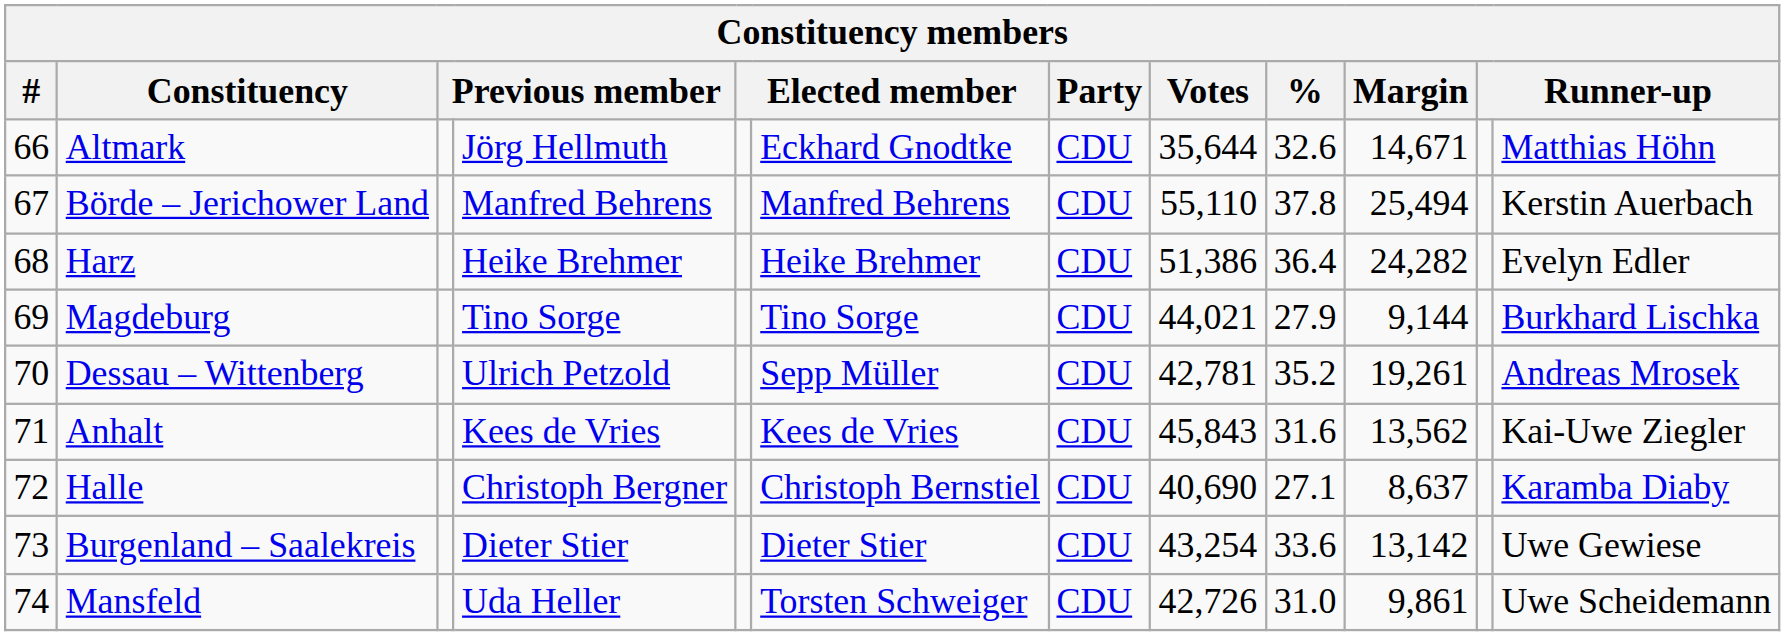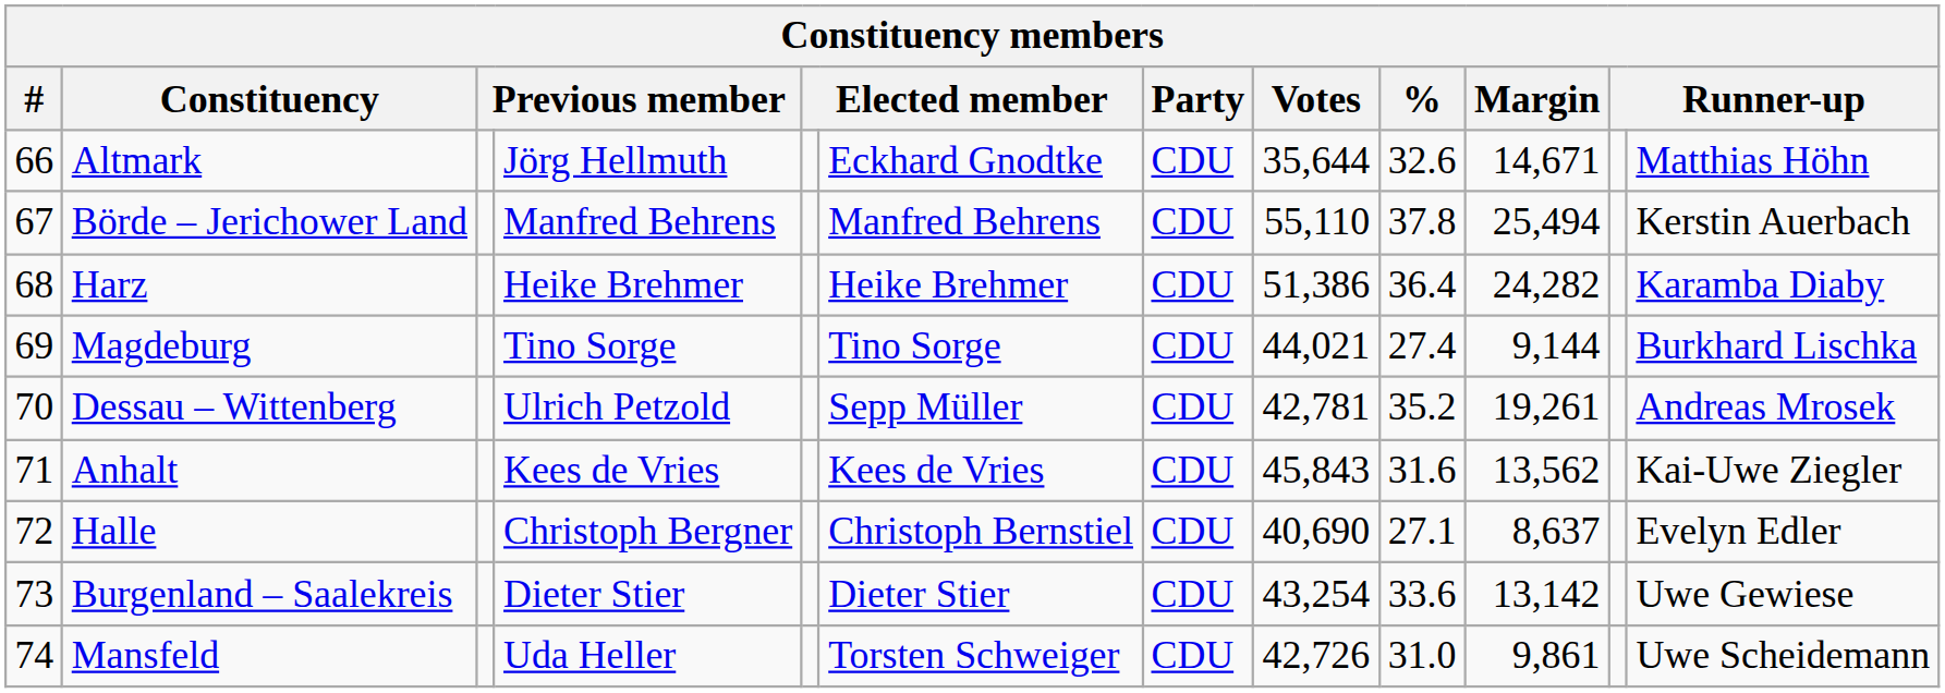 <table class="wikitable sortable" style="text-align:right">
 <tr>
 <th colspan="12">Constituency members</th>
 </tr>
 <tr>
 <th>#</th>
 <th>Constituency</th>
 <th colspan="2">Previous member</th>
 <th colspan="2">Elected member</th>
 <th>Party</th>
 <th>Votes</th>
 <th>%</th>
 <th>Margin</th>
 <th colspan="2">Runner-up</th>
 </tr>
 <tr>
 <td>66</td>
 <td align=left><a href='#'>Altmark</a></td>
 <td bgcolor=></td>
 <td align=left><a href='#'>Jörg Hellmuth</a></td>
 <td></td>
 <td align=left><a href='#'>Eckhard Gnodtke</a></td>
 <td align=left><a href='#'>CDU</a></td>
 <td>35,644</td>
 <td>32.6</td>
 <td>14,671</td>
 <td bgcolor=></td>
 <td align=left><a href='#'>Matthias Höhn</a></td>
 </tr>
 <tr>
 <td>67</td>
 <td align=left><a href='#'>Börde – Jerichower Land</a></td>
 <td bgcolor=></td>
 <td align=left><a href='#'>Manfred Behrens</a></td>
 <td bgcolor=></td>
 <td align=left><a href='#'>Manfred Behrens</a></td>
 <td align=left><a href='#'>CDU</a></td>
 <td>55,110</td>
 <td>37.8</td>
 <td>25,494</td>
 <td bgcolor=></td>
 <td align=left>Kerstin Auerbach</td>
 </tr>
 <tr>
 <td>68</td>
 <td align=left><a href='#'>Harz</a></td>
 <td bgcolor=></td>
 <td align=left><a href='#'>Heike Brehmer</a></td>
 <td bgcolor=></td>
 <td align=left><a href='#'>Heike Brehmer</a></td>
 <td align=left><a href='#'>CDU</a></td>
 <td>51,386</td>
 <td>36.4</td>
 <td>24,282</td>
 <td bgcolor=></td>
-<td align=left>Evelyn Edler</td>
+<td align=left><a href='#'>Karamba Diaby</a></td>
 </tr>
 <tr>
 <td>69</td>
 <td align=left><a href='#'>Magdeburg</a></td>
 <td bgcolor=></td>
 <td align=left><a href='#'>Tino Sorge</a></td>
 <td bgcolor=></td>
 <td align=left><a href='#'>Tino Sorge</a></td>
 <td align=left><a href='#'>CDU</a></td>
 <td>44,021</td>
-<td>27.9</td>
+<td>27.4</td>
 <td>9,144</td>
 <td bgcolor=></td>
 <td align=left><a href='#'>Burkhard Lischka</a></td>
 </tr>
 <tr>
 <td>70</td>
 <td align=left><a href='#'>Dessau – Wittenberg</a></td>
 <td bgcolor=></td>
 <td align=left><a href='#'>Ulrich Petzold</a></td>
 <td></td>
 <td align=left><a href='#'>Sepp Müller</a></td>
 <td align=left><a href='#'>CDU</a></td>
 <td>42,781</td>
 <td>35.2</td>
 <td>19,261</td>
 <td bgcolor=></td>
 <td align=left><a href='#'>Andreas Mrosek</a></td>
 </tr>
 <tr>
 <td>71</td>
 <td align=left><a href='#'>Anhalt</a></td>
 <td bgcolor=></td>
 <td align=left><a href='#'>Kees de Vries</a></td>
 <td bgcolor=></td>
 <td align=left><a href='#'>Kees de Vries</a></td>
 <td align=left><a href='#'>CDU</a></td>
 <td>45,843</td>
 <td>31.6</td>
 <td>13,562</td>
 <td bgcolor=></td>
 <td align=left>Kai-Uwe Ziegler</td>
 </tr>
 <tr>
 <td>72</td>
 <td align=left><a href='#'>Halle</a></td>
 <td bgcolor=></td>
 <td align=left><a href='#'>Christoph Bergner</a></td>
 <td bgcolor=></td>
 <td align=left><a href='#'>Christoph Bernstiel</a></td>
 <td align=left><a href='#'>CDU</a></td>
 <td>40,690</td>
 <td>27.1</td>
 <td>8,637</td>
 <td bgcolor=></td>
-<td align=left><a href='#'>Karamba Diaby</a></td>
+<td align=left>Evelyn Edler</td>
 </tr>
 <tr>
 <td>73</td>
 <td align=left><a href='#'>Burgenland – Saalekreis</a></td>
 <td bgcolor=></td>
 <td align=left><a href='#'>Dieter Stier</a></td>
 <td bgcolor=></td>
 <td align=left><a href='#'>Dieter Stier</a></td>
 <td align=left><a href='#'>CDU</a></td>
 <td>43,254</td>
 <td>33.6</td>
 <td>13,142</td>
 <td bgcolor=></td>
 <td align=left>Uwe Gewiese</td>
 </tr>
 <tr>
 <td>74</td>
 <td align=left><a href='#'>Mansfeld</a></td>
 <td bgcolor=></td>
 <td align=left><a href='#'>Uda Heller</a></td>
 <td></td>
 <td align=left><a href='#'>Torsten Schweiger</a></td>
 <td align=left><a href='#'>CDU</a></td>
 <td>42,726</td>
 <td>31.0</td>
 <td>9,861</td>
 <td bgcolor=></td>
 <td align=left>Uwe Scheidemann</td>
 </tr>
 </table>
